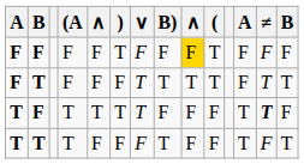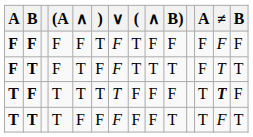 <table class=wikitable style=" float: left;">
 <tr>
 <th>A</th>
 <th>B</th>
 <th></th>
 <th>(A</th>
 <th>∧</th>
 <th>)</th>
 <th>∨</th>
+<th>(</th>
+<th>∧</th>
 <th>B)</th>
-<th>∧</th>
-<th>(</th>
 <th></th>
 <th>A</th>
 <th>≠</th>
 <th>B</th>
 </tr>
 <tr>
 <td><strong>F</strong></td>
 <td><strong>F</strong></td>
 <td></td>
 <td>F</td>
 <td>F</td>
 <td>T</td>
 <td><em>F</em></td>
+<td>T</td>
 <td>F</td>
-<td style="background: gold;">F</td>
-<td>T</td>
+<td>F</td>
 <td></td>
 <td>F</td>
 <td><em>F</em></td>
 <td>F</td>
 </tr>
 <tr>
 <td><strong>F</strong></td>
 <td><strong>T</strong></td>
 <td></td>
 <td>F</td>
+<td>T</td>
 <td>F</td>
-<td>F</td>
-<td><em>T</em></td>
+<td><em>F</em></td>
 <td>T</td>
 <td>T</td>
 <td>T</td>
 <td></td>
 <td>F</td>
 <td><em>T</em></td>
 <td>T</td>
 </tr>
 <tr>
 <td><strong>T</strong></td>
 <td><strong>F</strong></td>
 <td></td>
 <td>T</td>
 <td>T</td>
 <td>T</td>
 <td><em>T</em></td>
 <td>F</td>
 <td>F</td>
 <td>F</td>
 <td></td>
 <td>T</td>
 <td><strong><em>T</em></strong></td>
 <td>F</td>
 </tr>
 <tr>
 <td><strong>T</strong></td>
 <td><strong>T</strong></td>
 <td></td>
 <td>T</td>
 <td>F</td>
 <td>F</td>
 <td><em>F</em></td>
-<td>T</td>
 <td>F</td>
 <td>F</td>
+<td>T</td>
 <td></td>
 <td>T</td>
 <td><em>F</em></td>
 <td>T</td>
 </tr>
 </table>
